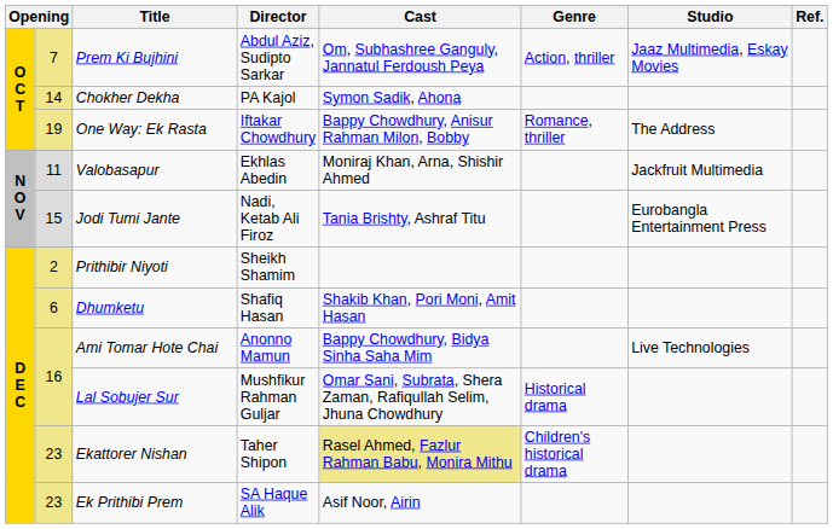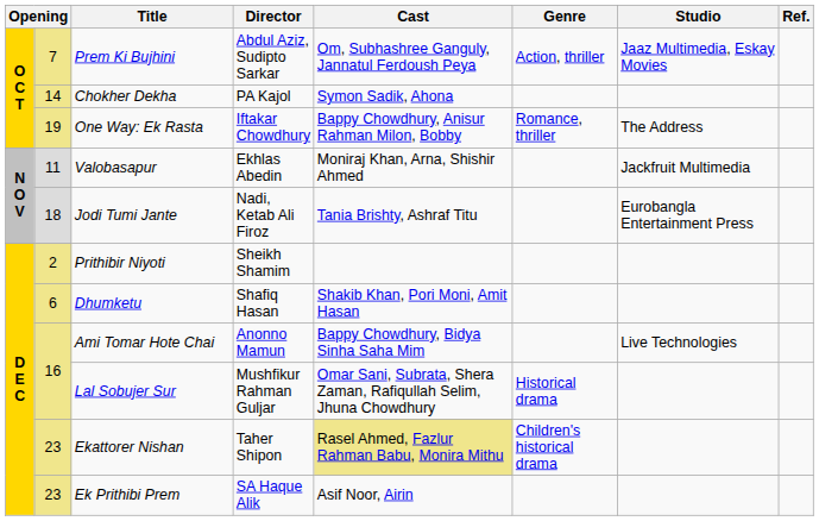 <table class="wikitable sortable" style="width:100%;">
 <tr>
 <th colspan="2">Opening</th>
 <th style="width:20%;">Title</th>
 <th style="width:10%;">Director</th>
 <th>Cast</th>
 <th style="width:13%">Genre</th>
 <th style="width:20%">Studio</th>
 <th>Ref.</th>
 </tr>
 <tr>
 <td rowspan=3 style="text-align:center; background:#FFD700; textcolor:#000;"><strong>O<br>C<br>T</strong></td>
 <td style="text-align:center; background:#F0E68C; textcolor:#000;">7</td>
 <td><em><a href='#'>Prem Ki Bujhini</a></em></td>
 <td><a href='#'>Abdul Aziz</a>, Sudipto Sarkar</td>
 <td><a href='#'>Om</a>, <a href='#'>Subhashree Ganguly</a>, <a href='#'>Jannatul Ferdoush Peya</a></td>
 <td><a href='#'>Action</a>, <a href='#'>thriller</a></td>
 <td><a href='#'>Jaaz Multimedia</a>, <a href='#'>Eskay Movies</a></td>
 <td></td>
 </tr>
 <tr>
 <td style="text-align:center; background:#F0E68C; textcolor:#000;">14</td>
 <td><em>Chokher Dekha</em></td>
 <td>PA Kajol</td>
 <td><a href='#'>Symon Sadik</a>, <a href='#'>Ahona</a></td>
 <td></td>
 <td></td>
 <td></td>
 </tr>
 <tr>
 <td style="text-align:center; background:#F0E68C; textcolor:#000;">19</td>
 <td><em>One Way: Ek Rasta</em></td>
 <td><a href='#'>Iftakar Chowdhury</a></td>
 <td><a href='#'>Bappy Chowdhury</a>, <a href='#'>Anisur Rahman Milon</a>, <a href='#'>Bobby</a></td>
 <td><a href='#'>Romance</a>, <a href='#'>thriller</a></td>
 <td>The Address</td>
 <td></td>
 </tr>
 <tr>
 <td rowspan=2 style="text-align:center; background:#C0C0C0; textcolor:#000;"><strong>N<br>O<br>V</strong></td>
 <td style="text-align:center; background:#DCDCDC; textcolor:#000;">11</td>
 <td><em>Valobasapur</em></td>
 <td>Ekhlas Abedin</td>
 <td>Moniraj Khan, Arna, Shishir Ahmed</td>
 <td></td>
 <td>Jackfruit Multimedia</td>
 <td></td>
 </tr>
 <tr>
-<td style="text-align:center; background:#DCDCDC; textcolor:#000;">15</td>
+<td style="text-align:center; background:#DCDCDC; textcolor:#000;">18</td>
 <td><em>Jodi Tumi Jante</em></td>
 <td>Nadi, Ketab Ali Firoz</td>
 <td><a href='#'>Tania Brishty</a>, Ashraf Titu</td>
 <td></td>
 <td>Eurobangla Entertainment Press</td>
 <td></td>
 </tr>
 <tr>
 <td rowspan=6 style="text-align:center; background:#FFD700; textcolor:#000;"><strong>D<br>E<br>C</strong></td>
 <td style="text-align:center; background:#F0E68C; textcolor:#000;">2</td>
 <td><em>Prithibir Niyoti</em></td>
 <td>Sheikh Shamim</td>
 <td></td>
 <td></td>
 <td></td>
 <td></td>
 </tr>
 <tr>
 <td style="text-align:center; background:#F0E68C; textcolor:#000;">6</td>
 <td><em><a href='#'>Dhumketu</a></em></td>
 <td>Shafiq Hasan</td>
 <td><a href='#'>Shakib Khan</a>, <a href='#'>Pori Moni</a>, <a href='#'>Amit Hasan</a></td>
 <td></td>
 <td></td>
 <td></td>
 </tr>
 <tr>
 <td rowspan=2 style="text-align:center; background:#F0E68C; textcolor:#000;">16</td>
 <td><em>Ami Tomar Hote Chai</em></td>
 <td><a href='#'>Anonno Mamun</a></td>
 <td><a href='#'>Bappy Chowdhury</a>, <a href='#'>Bidya Sinha Saha Mim</a></td>
 <td></td>
 <td>Live Technologies</td>
 <td></td>
 </tr>
 <tr>
 <td><em><a href='#'>Lal Sobujer Sur</a></em></td>
 <td>Mushfikur Rahman Guljar</td>
 <td><a href='#'>Omar Sani</a>, <a href='#'>Subrata</a>, Shera Zaman, Rafiqullah Selim, Jhuna Chowdhury</td>
 <td><a href='#'>Historical drama</a></td>
 <td></td>
 <td></td>
 </tr>
 <tr>
 <td style="text-align:center; background:#F0E68C; textcolor:#000;">23</td>
 <td><em>Ekattorer Nishan</em></td>
 <td>Taher Shipon</td>
 <td style="background: khaki;">Rasel Ahmed, <a href='#'>Fazlur Rahman Babu</a>, <a href='#'>Monira Mithu</a></td>
 <td><a href='#'>Children's</a> <a href='#'>historical drama</a></td>
 <td></td>
 <td></td>
 </tr>
 <tr>
 <td style="text-align:center; background:#F0E68C; textcolor:#000;">23</td>
 <td><em>Ek Prithibi Prem</em></td>
 <td><a href='#'>SA Haque Alik</a></td>
 <td>Asif Noor, <a href='#'>Airin</a></td>
 <td></td>
 <td></td>
 <td></td>
 </tr>
 </table>
